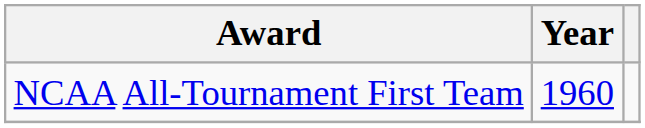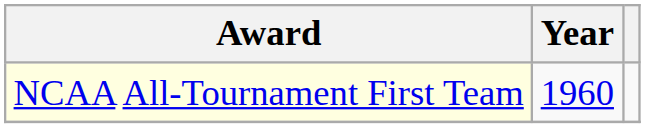 <table class="wikitable">
 <tr>
 <th>Award</th>
 <th>Year</th>
 <th></th>
 </tr>
 <tr>
-<td><a href='#'>NCAA</a> <a href='#'>All-Tournament First Team</a></td>
+<td style="background: lightyellow;"><a href='#'>NCAA</a> <a href='#'>All-Tournament First Team</a></td>
 <td><a href='#'>1960</a></td>
 <td></td>
 </tr>
 <tr>
 </tr>
 </table>
